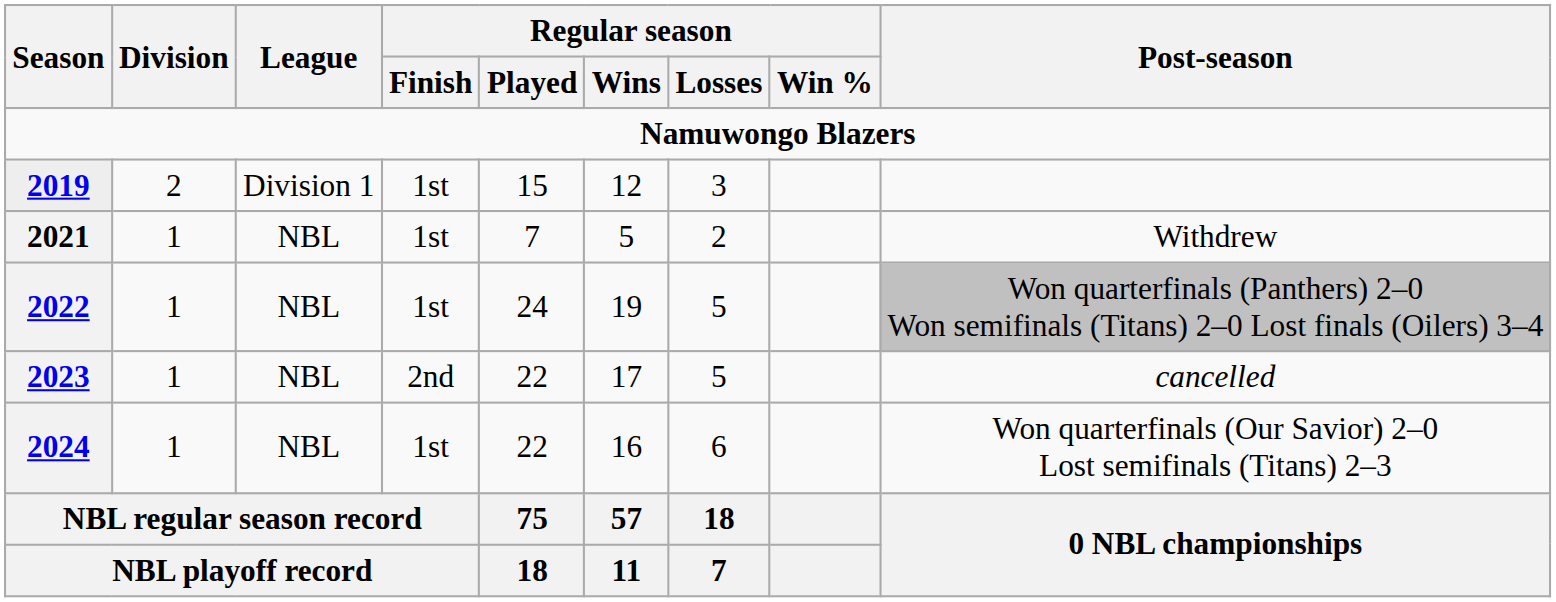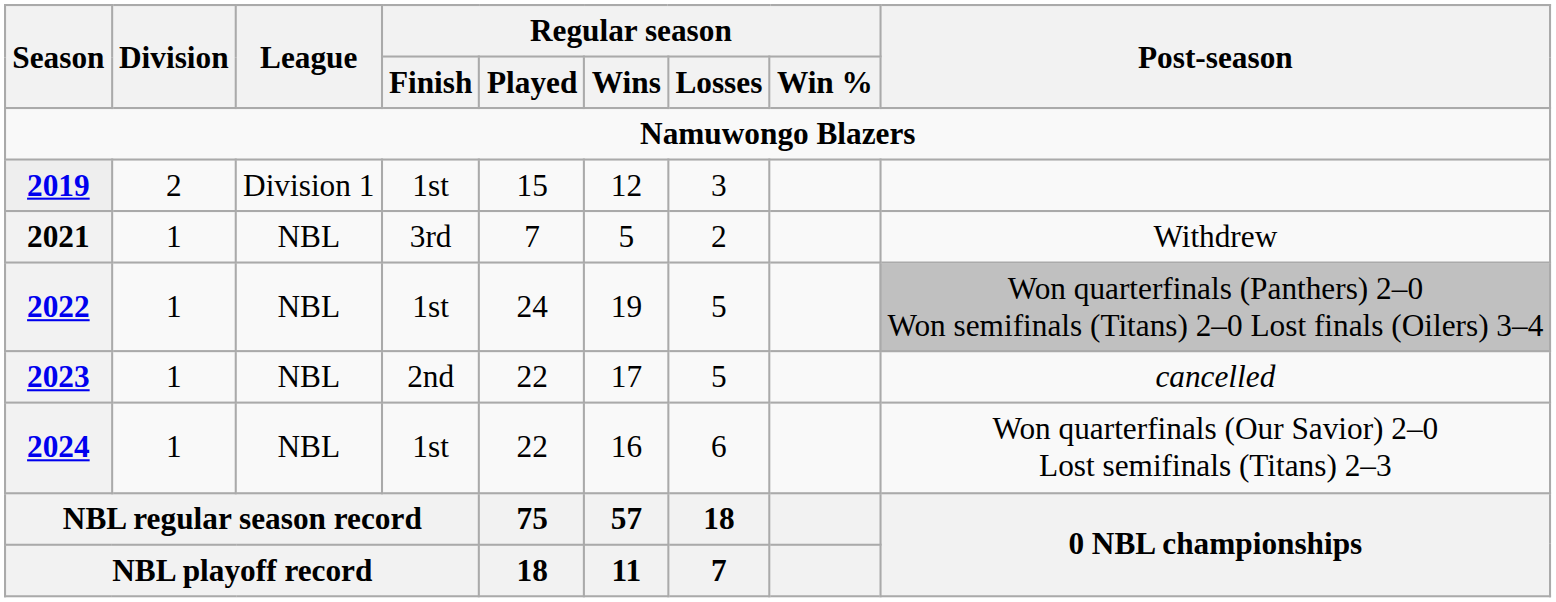 <table class="wikitable" style="font-size:95%; text-align:center">
 <tr>
 <th rowspan=2>Season</th>
 <th rowspan=2>Division</th>
 <th rowspan=2>League</th>
 <th colspan=5>Regular season</th>
 <th rowspan=2>Post-season</th>
 </tr>
 <tr>
 <th>Finish</th>
 <th>Played</th>
 <th>Wins</th>
 <th>Losses</th>
 <th>Win %</th>
 </tr>
 <tr>
 <td colspan="12" align="center"><strong>Namuwongo Blazers</strong></td>
 </tr>
 <tr>
 <th style="background:#eee;"><a href='#'>2019</a></th>
 <td style="text-align:center;">2</td>
 <td style="text-align:center;">Division 1</td>
 <td>1st</td>
 <td style="text-align:center;">15</td>
 <td style="text-align:center;">12</td>
 <td style="text-align:center;">3</td>
 <td style="text-align:center;"></td>
 <td style="text-align:center;"></td>
 </tr>
 <tr>
 <th>2021</th>
 <td>1</td>
 <td>NBL</td>
-<td>1st</td>
+<td>3rd</td>
 <td>7</td>
 <td>5</td>
 <td>2</td>
 <td></td>
 <td>Withdrew</td>
 </tr>
 <tr>
 <th><a href='#'>2022</a></th>
 <td>1</td>
 <td>NBL</td>
 <td>1st</td>
 <td>24</td>
 <td>19</td>
 <td>5</td>
 <td></td>
 <td bgcolor="silver">Won quarterfinals (Panthers) 2–0<br>Won semifinals (Titans) 2–0 Lost finals (Oilers) 3–4</td>
 </tr>
 <tr>
 <th><a href='#'>2023</a></th>
 <td>1</td>
 <td>NBL</td>
 <td>2nd</td>
 <td>22</td>
 <td>17</td>
 <td>5</td>
 <td></td>
 <td><em>cancelled</em></td>
 </tr>
 <tr>
 <th><a href='#'>2024</a></th>
 <td>1</td>
 <td>NBL</td>
 <td>1st</td>
 <td>22</td>
 <td>16</td>
 <td>6</td>
 <td></td>
 <td>Won quarterfinals (Our Savior) 2–0<br>Lost semifinals (Titans) 2–3</td>
 </tr>
 <tr>
 <th colspan="4">NBL regular season record</th>
 <th>75</th>
 <th>57</th>
 <th>18</th>
 <th></th>
 <th rowspan="2">0 NBL championships</th>
 </tr>
 <tr>
 <th colspan="4">NBL playoff record</th>
 <th>18</th>
 <th>11</th>
 <th>7</th>
 <th></th>
 </tr>
 </table>
